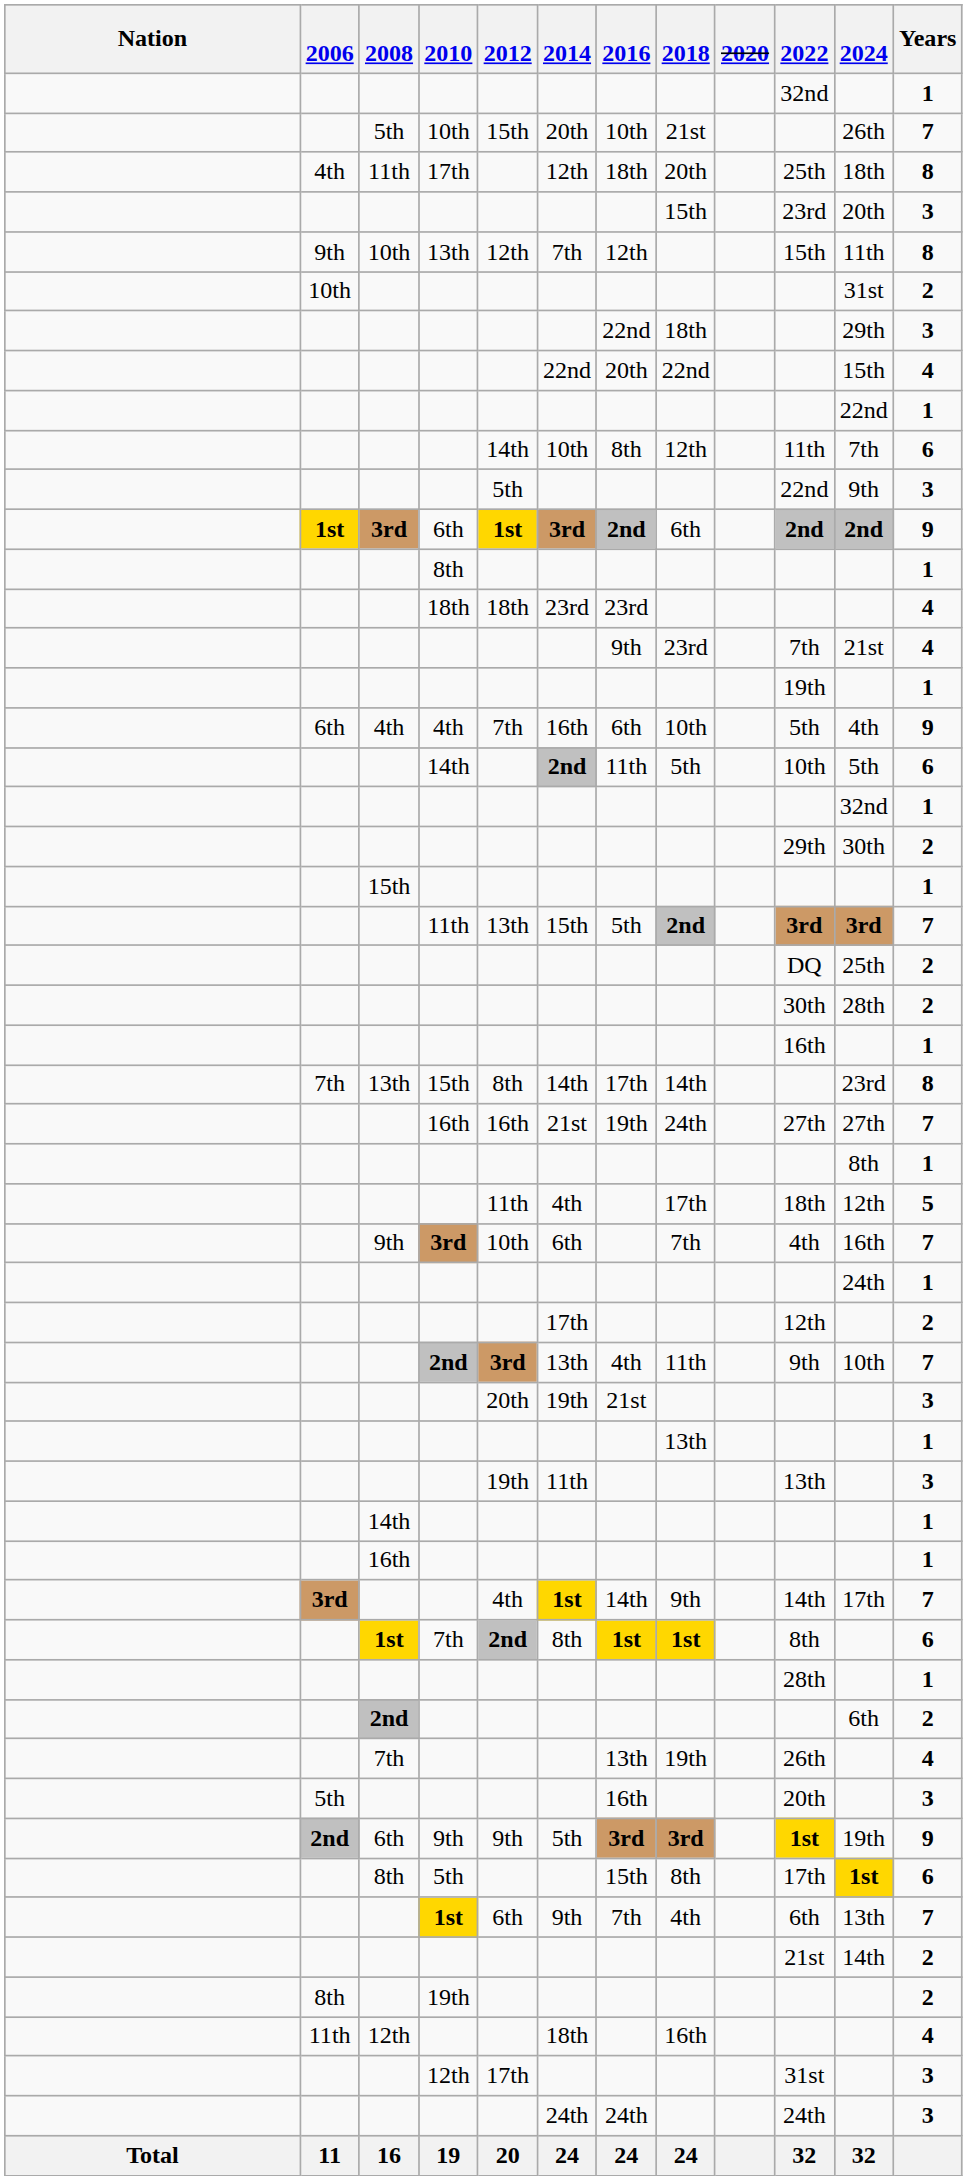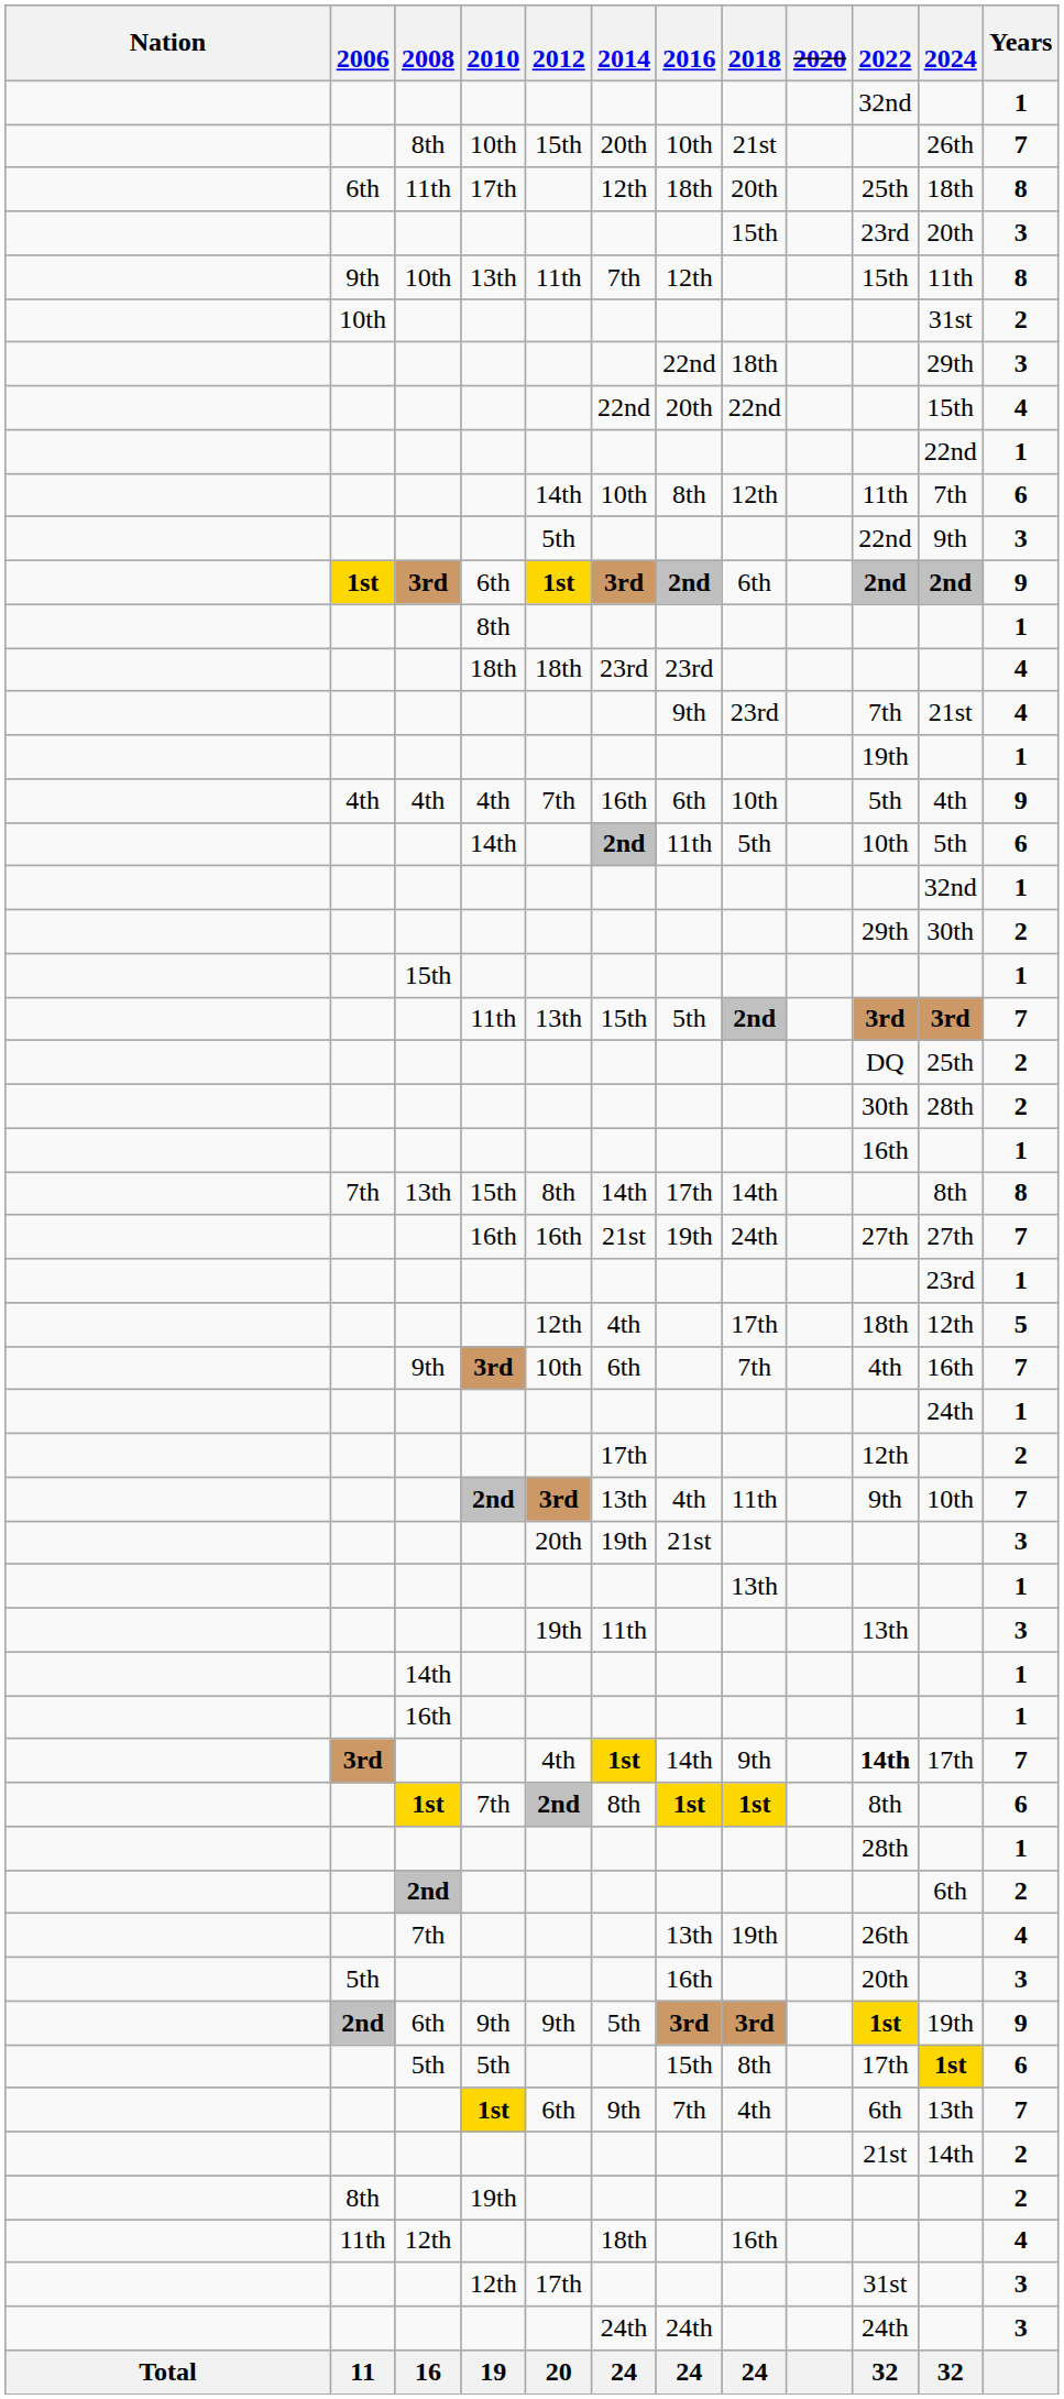 <table class="wikitable" style="text-align:center; font-size:90%">
 <tr>
 <th width=170>Nation</th>
 <th><br><a href='#'>2006</a></th>
 <th><br><a href='#'>2008</a></th>
 <th><br><a href='#'>2010</a></th>
 <th><br><a href='#'>2012</a></th>
 <th><br><a href='#'>2014</a></th>
 <th><br><a href='#'>2016</a></th>
 <th><br><a href='#'>2018</a></th>
 <th><s><br><a href='#'>2020</a></s></th>
 <th><br><a href='#'>2022</a></th>
 <th><br><a href='#'>2024</a></th>
 <th>Years</th>
 </tr>
 <tr>
 <td align=left></td>
 <td></td>
 <td></td>
 <td></td>
 <td></td>
 <td></td>
 <td></td>
 <td></td>
 <td></td>
 <td>32nd</td>
 <td></td>
 <td><strong>1</strong></td>
 </tr>
 <tr>
 <td align=left></td>
 <td></td>
-<td>5th</td>
+<td>8th</td>
 <td>10th</td>
 <td>15th</td>
 <td>20th</td>
 <td>10th</td>
 <td>21st</td>
 <td></td>
 <td></td>
 <td>26th</td>
 <td><strong>7</strong></td>
 </tr>
 <tr>
 <td align=left></td>
-<td>4th</td>
+<td>6th</td>
 <td>11th</td>
 <td>17th</td>
 <td></td>
 <td>12th</td>
 <td>18th</td>
 <td>20th</td>
 <td></td>
 <td>25th</td>
 <td>18th</td>
 <td><strong>8</strong></td>
 </tr>
 <tr>
 <td align=left></td>
 <td></td>
 <td></td>
 <td></td>
 <td></td>
 <td></td>
 <td></td>
 <td>15th</td>
 <td></td>
 <td>23rd</td>
 <td>20th</td>
 <td><strong>3</strong></td>
 </tr>
 <tr>
 <td align=left></td>
 <td>9th</td>
 <td>10th</td>
 <td>13th</td>
-<td>12th</td>
+<td>11th</td>
 <td>7th</td>
 <td>12th</td>
 <td></td>
 <td></td>
 <td>15th</td>
 <td>11th</td>
 <td><strong>8</strong></td>
 </tr>
 <tr>
 <td align=left></td>
 <td>10th</td>
 <td></td>
 <td></td>
 <td></td>
 <td></td>
 <td></td>
 <td></td>
 <td></td>
 <td></td>
 <td>31st</td>
 <td><strong>2</strong></td>
 </tr>
 <tr>
 <td align=left></td>
 <td></td>
 <td></td>
 <td></td>
 <td></td>
 <td></td>
 <td>22nd</td>
 <td>18th</td>
 <td></td>
 <td></td>
 <td>29th</td>
 <td><strong>3</strong></td>
 </tr>
 <tr>
 <td align=left></td>
 <td></td>
 <td></td>
 <td></td>
 <td></td>
 <td>22nd</td>
 <td>20th</td>
 <td>22nd</td>
 <td></td>
 <td></td>
 <td>15th</td>
 <td><strong>4</strong></td>
 </tr>
 <tr>
 <td align=left></td>
 <td></td>
 <td></td>
 <td></td>
 <td></td>
 <td></td>
 <td></td>
 <td></td>
 <td></td>
 <td></td>
 <td>22nd</td>
 <td><strong>1</strong></td>
 </tr>
 <tr>
 <td align=left></td>
 <td></td>
 <td></td>
 <td></td>
 <td>14th</td>
 <td>10th</td>
 <td>8th</td>
 <td>12th</td>
 <td></td>
 <td>11th</td>
 <td>7th</td>
 <td><strong>6</strong></td>
 </tr>
 <tr>
 <td align=left></td>
 <td></td>
 <td></td>
 <td></td>
 <td>5th</td>
 <td></td>
 <td></td>
 <td></td>
 <td></td>
 <td>22nd</td>
 <td>9th</td>
 <td><strong>3</strong></td>
 </tr>
 <tr>
 <td align=left></td>
 <td bgcolor=gold><strong>1st</strong></td>
 <td bgcolor=#cc9966><strong>3rd</strong></td>
 <td>6th</td>
 <td bgcolor=gold><strong>1st</strong></td>
 <td bgcolor=#cc9966><strong>3rd</strong></td>
 <td bgcolor=silver><strong>2nd</strong></td>
 <td>6th</td>
 <td></td>
 <td bgcolor=silver><strong>2nd</strong></td>
 <td bgcolor=silver><strong>2nd</strong></td>
 <td><strong>9</strong></td>
 </tr>
 <tr>
 <td align=left></td>
 <td></td>
 <td></td>
 <td>8th</td>
 <td></td>
 <td></td>
 <td></td>
 <td></td>
 <td></td>
 <td></td>
 <td></td>
 <td><strong>1</strong></td>
 </tr>
 <tr>
 <td align=left></td>
 <td></td>
 <td></td>
 <td>18th</td>
 <td>18th</td>
 <td>23rd</td>
 <td>23rd</td>
 <td></td>
 <td></td>
 <td></td>
 <td></td>
 <td><strong>4</strong></td>
 </tr>
 <tr>
 <td align=left></td>
 <td></td>
 <td></td>
 <td></td>
 <td></td>
 <td></td>
 <td>9th</td>
 <td>23rd</td>
 <td></td>
 <td>7th</td>
 <td>21st</td>
 <td><strong>4</strong></td>
 </tr>
 <tr>
 <td align=left></td>
 <td></td>
 <td></td>
 <td></td>
 <td></td>
 <td></td>
 <td></td>
 <td></td>
 <td></td>
 <td>19th</td>
 <td></td>
 <td><strong>1</strong></td>
 </tr>
 <tr>
 <td align=left></td>
-<td>6th</td>
+<td>4th</td>
 <td>4th</td>
 <td>4th</td>
 <td>7th</td>
 <td>16th</td>
 <td>6th</td>
 <td>10th</td>
 <td></td>
 <td>5th</td>
 <td>4th</td>
 <td><strong>9</strong></td>
 </tr>
 <tr>
 <td align=left></td>
 <td></td>
 <td></td>
 <td>14th</td>
 <td></td>
 <td bgcolor=silver><strong>2nd</strong></td>
 <td>11th</td>
 <td>5th</td>
 <td></td>
 <td>10th</td>
 <td>5th</td>
 <td><strong>6</strong></td>
 </tr>
 <tr>
 <td align=left></td>
 <td></td>
 <td></td>
 <td></td>
 <td></td>
 <td></td>
 <td></td>
 <td></td>
 <td></td>
 <td></td>
 <td>32nd</td>
 <td><strong>1</strong></td>
 </tr>
 <tr>
 <td align=left></td>
 <td></td>
 <td></td>
 <td></td>
 <td></td>
 <td></td>
 <td></td>
 <td></td>
 <td></td>
 <td>29th</td>
 <td>30th</td>
 <td><strong>2</strong></td>
 </tr>
 <tr>
 <td align=left></td>
 <td></td>
 <td>15th</td>
 <td></td>
 <td></td>
 <td></td>
 <td></td>
 <td></td>
 <td></td>
 <td></td>
 <td></td>
 <td><strong>1</strong></td>
 </tr>
 <tr>
 <td align=left></td>
 <td></td>
 <td></td>
 <td>11th</td>
 <td>13th</td>
 <td>15th</td>
 <td>5th</td>
 <td bgcolor=silver><strong>2nd</strong></td>
 <td></td>
 <td bgcolor=#cc9966><strong>3rd</strong></td>
 <td bgcolor=#cc9966><strong>3rd</strong></td>
 <td><strong>7</strong></td>
 </tr>
 <tr>
 <td align=left></td>
 <td></td>
 <td></td>
 <td></td>
 <td></td>
 <td></td>
 <td></td>
 <td></td>
 <td></td>
 <td>DQ</td>
 <td>25th</td>
 <td><strong>2</strong></td>
 </tr>
 <tr>
 <td align=left></td>
 <td></td>
 <td></td>
 <td></td>
 <td></td>
 <td></td>
 <td></td>
 <td></td>
 <td></td>
 <td>30th</td>
 <td>28th</td>
 <td><strong>2</strong></td>
 </tr>
 <tr>
 <td align=left></td>
 <td></td>
 <td></td>
 <td></td>
 <td></td>
 <td></td>
 <td></td>
 <td></td>
 <td></td>
 <td>16th</td>
 <td></td>
 <td><strong>1</strong></td>
 </tr>
 <tr>
 <td align=left></td>
 <td>7th</td>
 <td>13th</td>
 <td>15th</td>
 <td>8th</td>
 <td>14th</td>
 <td>17th</td>
 <td>14th</td>
 <td></td>
 <td></td>
-<td>23rd</td>
+<td>8th</td>
 <td><strong>8</strong></td>
 </tr>
 <tr>
 <td align=left></td>
 <td></td>
 <td></td>
 <td>16th</td>
 <td>16th</td>
 <td>21st</td>
 <td>19th</td>
 <td>24th</td>
 <td></td>
 <td>27th</td>
 <td>27th</td>
 <td><strong>7</strong></td>
 </tr>
 <tr>
 <td align=left></td>
 <td></td>
 <td></td>
 <td></td>
 <td></td>
 <td></td>
 <td></td>
 <td></td>
 <td></td>
 <td></td>
-<td>8th</td>
+<td>23rd</td>
 <td><strong>1</strong></td>
 </tr>
 <tr>
 <td align=left></td>
 <td></td>
 <td></td>
 <td></td>
-<td>11th</td>
+<td>12th</td>
 <td>4th</td>
 <td></td>
 <td>17th</td>
 <td></td>
 <td>18th</td>
 <td>12th</td>
 <td><strong>5</strong></td>
 </tr>
 <tr>
 <td align=left></td>
 <td></td>
 <td>9th</td>
 <td bgcolor=#cc9966><strong>3rd</strong></td>
 <td>10th</td>
 <td>6th</td>
 <td></td>
 <td>7th</td>
 <td></td>
 <td>4th</td>
 <td>16th</td>
 <td><strong>7</strong></td>
 </tr>
 <tr>
 <td align=left></td>
 <td></td>
 <td></td>
 <td></td>
 <td></td>
 <td></td>
 <td></td>
 <td></td>
 <td></td>
 <td></td>
 <td>24th</td>
 <td><strong>1</strong></td>
 </tr>
 <tr>
 <td align=left></td>
 <td></td>
 <td></td>
 <td></td>
 <td></td>
 <td>17th</td>
 <td></td>
 <td></td>
 <td></td>
 <td>12th</td>
 <td></td>
 <td><strong>2</strong></td>
 </tr>
 <tr>
 <td align=left></td>
 <td></td>
 <td></td>
 <td bgcolor=silver><strong>2nd</strong></td>
 <td bgcolor=#cc9966><strong>3rd</strong></td>
 <td>13th</td>
 <td>4th</td>
 <td>11th</td>
 <td></td>
 <td>9th</td>
 <td>10th</td>
 <td><strong>7</strong></td>
 </tr>
 <tr>
 <td align=left></td>
 <td></td>
 <td></td>
 <td></td>
 <td>20th</td>
 <td>19th</td>
 <td>21st</td>
 <td></td>
 <td></td>
 <td></td>
 <td></td>
 <td><strong>3</strong></td>
 </tr>
 <tr>
 <td align=left></td>
 <td></td>
 <td></td>
 <td></td>
 <td></td>
 <td></td>
 <td></td>
 <td>13th</td>
 <td></td>
 <td></td>
 <td></td>
 <td><strong>1</strong></td>
 </tr>
 <tr>
 <td align=left></td>
 <td></td>
 <td></td>
 <td></td>
 <td>19th</td>
 <td>11th</td>
 <td></td>
 <td></td>
 <td></td>
 <td>13th</td>
 <td></td>
 <td><strong>3</strong></td>
 </tr>
 <tr>
 <td align=left></td>
 <td></td>
 <td>14th</td>
 <td></td>
 <td></td>
 <td></td>
 <td></td>
 <td></td>
 <td></td>
 <td></td>
 <td></td>
 <td><strong>1</strong></td>
 </tr>
 <tr>
 <td align=left></td>
 <td></td>
 <td>16th</td>
 <td></td>
 <td></td>
 <td></td>
 <td></td>
 <td></td>
 <td></td>
 <td></td>
 <td></td>
 <td><strong>1</strong></td>
 </tr>
 <tr>
 <td align=left></td>
 <td bgcolor=#cc9966><strong>3rd</strong></td>
 <td></td>
 <td></td>
 <td>4th</td>
 <td bgcolor=gold><strong>1st</strong></td>
 <td>14th</td>
 <td>9th</td>
 <td></td>
-<td>14th</td>
+<td><strong>14th</strong></td>
 <td>17th</td>
 <td><strong>7</strong></td>
 </tr>
 <tr>
 <td align=left></td>
 <td></td>
 <td bgcolor=gold><strong>1st</strong></td>
 <td>7th</td>
 <td bgcolor=silver><strong>2nd</strong></td>
 <td>8th</td>
 <td bgcolor=gold><strong>1st</strong></td>
 <td bgcolor=gold><strong>1st</strong></td>
 <td></td>
 <td>8th</td>
 <td></td>
 <td><strong>6</strong></td>
 </tr>
 <tr>
 <td align=left></td>
 <td></td>
 <td></td>
 <td></td>
 <td></td>
 <td></td>
 <td></td>
 <td></td>
 <td></td>
 <td>28th</td>
 <td></td>
 <td><strong>1</strong></td>
 </tr>
 <tr>
 <td align=left></td>
 <td></td>
 <td bgcolor=silver><strong>2nd</strong></td>
 <td></td>
 <td></td>
 <td></td>
 <td></td>
 <td></td>
 <td></td>
 <td></td>
 <td>6th</td>
 <td><strong>2</strong></td>
 </tr>
 <tr>
 <td align=left></td>
 <td></td>
 <td>7th</td>
 <td></td>
 <td></td>
 <td></td>
 <td>13th</td>
 <td>19th</td>
 <td></td>
 <td>26th</td>
 <td></td>
 <td><strong>4</strong></td>
 </tr>
 <tr>
 <td align=left></td>
 <td>5th</td>
 <td></td>
 <td></td>
 <td></td>
 <td></td>
 <td>16th</td>
 <td></td>
 <td></td>
 <td>20th</td>
 <td></td>
 <td><strong>3</strong></td>
 </tr>
 <tr>
 <td align=left></td>
 <td bgcolor=silver><strong>2nd</strong></td>
 <td>6th</td>
 <td>9th</td>
 <td>9th</td>
 <td>5th</td>
 <td bgcolor=#cc9966><strong>3rd</strong></td>
 <td bgcolor=#cc9966><strong>3rd</strong></td>
 <td></td>
 <td bgcolor=gold><strong>1st</strong></td>
 <td>19th</td>
 <td><strong>9</strong></td>
 </tr>
 <tr>
 <td align=left></td>
 <td></td>
-<td>8th</td>
+<td>5th</td>
 <td>5th</td>
 <td></td>
 <td></td>
 <td>15th</td>
 <td>8th</td>
 <td></td>
 <td>17th</td>
 <td bgcolor=gold><strong>1st</strong></td>
 <td><strong>6</strong></td>
 </tr>
 <tr>
 <td align=left></td>
 <td></td>
 <td></td>
 <td bgcolor=gold><strong>1st</strong></td>
 <td>6th</td>
 <td>9th</td>
 <td>7th</td>
 <td>4th</td>
 <td></td>
 <td>6th</td>
 <td>13th</td>
 <td><strong>7</strong></td>
 </tr>
 <tr>
 <td align=left></td>
 <td></td>
 <td></td>
 <td></td>
 <td></td>
 <td></td>
 <td></td>
 <td></td>
 <td></td>
 <td>21st</td>
 <td>14th</td>
 <td><strong>2</strong></td>
 </tr>
 <tr>
 <td align=left></td>
 <td>8th</td>
 <td></td>
 <td>19th</td>
 <td></td>
 <td></td>
 <td></td>
 <td></td>
 <td></td>
 <td></td>
 <td></td>
 <td><strong>2</strong></td>
 </tr>
 <tr>
 <td align=left></td>
 <td>11th</td>
 <td>12th</td>
 <td></td>
 <td></td>
 <td>18th</td>
 <td></td>
 <td>16th</td>
 <td></td>
 <td></td>
 <td></td>
 <td><strong>4</strong></td>
 </tr>
 <tr>
 <td align=left></td>
 <td></td>
 <td></td>
 <td>12th</td>
 <td>17th</td>
 <td></td>
 <td></td>
 <td></td>
 <td></td>
 <td>31st</td>
 <td></td>
 <td><strong>3</strong></td>
 </tr>
 <tr>
 <td align=left></td>
 <td></td>
 <td></td>
 <td></td>
 <td></td>
 <td>24th</td>
 <td>24th</td>
 <td></td>
 <td></td>
 <td>24th</td>
 <td></td>
 <td><strong>3</strong></td>
 </tr>
 <tr>
 <th>Total</th>
 <th>11</th>
 <th>16</th>
 <th>19</th>
 <th>20</th>
 <th>24</th>
 <th>24</th>
 <th>24</th>
 <th></th>
 <th>32</th>
 <th>32</th>
 <th></th>
 </tr>
 </table>
